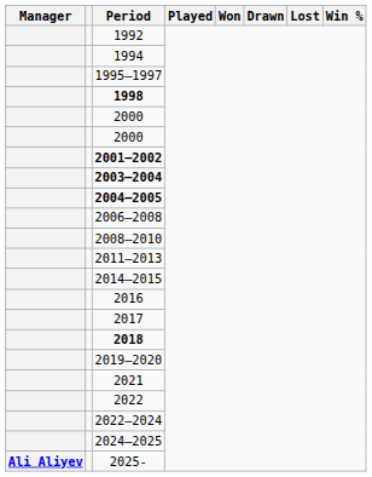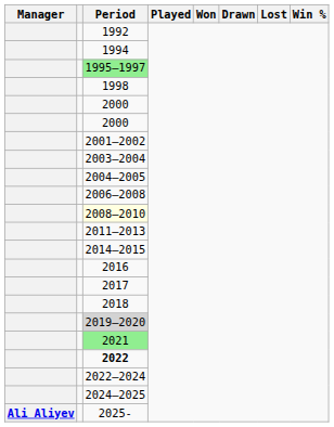 <table class="wikitable sortable plainrowheaders collapsible collapsed" cellpadding="3" style="text-align: center;">
 <tr>
 <th scope="col">Manager</th>
 <th scope="col"></th>
 <th scope="col">Period</th>
 <th scope="col">Played</th>
 <th scope="col">Won</th>
 <th scope="col">Drawn</th>
 <th scope="col">Lost</th>
 <th scope="col">Win %</th>
 </tr>
 <tr>
 <th scope="row"></th>
 <td></td>
 <td>1992<br></td>
 </tr>
 <tr>
 <th scope="row"></th>
 <td></td>
 <td>1994<br></td>
 </tr>
 <tr>
 <th scope="row"></th>
 <td></td>
-<td>1995–1997<br></td>
+<td style="background: lightgreen;">1995–1997<br></td>
 </tr>
 <tr>
 <th scope="row"></th>
 <td></td>
-<td><strong>1998<br></strong></td>
+<td>1998<br></td>
 </tr>
 <tr>
 <th scope="row"></th>
 <td></td>
 <td>2000<br></td>
 </tr>
 <tr>
 <th scope="row"></th>
 <td></td>
 <td>2000<br></td>
 </tr>
 <tr>
 <th scope="row"></th>
 <td></td>
-<td><strong>2001–2002<br></strong></td>
+<td>2001–2002<br></td>
 </tr>
 <tr>
 <th scope="row"></th>
 <td></td>
-<td><strong>2003–2004<br></strong></td>
+<td>2003–2004<br></td>
 </tr>
 <tr>
 <th scope="row"></th>
 <td></td>
-<td><strong>2004–2005<br></strong></td>
+<td>2004–2005<br></td>
 </tr>
 <tr>
 <th scope="row"></th>
 <td></td>
 <td>2006–2008<br></td>
 </tr>
 <tr>
 <th scope="row"></th>
 <td></td>
-<td>2008–2010<br></td>
+<td style="background: lightyellow;">2008–2010<br></td>
 </tr>
 <tr>
 <th scope="row"></th>
 <td></td>
 <td>2011–2013<br></td>
 </tr>
 <tr>
 <th scope="row"></th>
 <td></td>
 <td>2014–2015<br></td>
 </tr>
 <tr>
 <th scope="row"></th>
 <td></td>
 <td>2016<br></td>
 </tr>
 <tr>
 <th scope="row"></th>
 <td></td>
 <td>2017<br></td>
 </tr>
 <tr>
 <th scope="row"></th>
 <td></td>
-<td><strong>2018<br></strong></td>
+<td>2018<br></td>
 </tr>
 <tr>
 <th scope="row"></th>
 <td></td>
-<td>2019–2020<br></td>
+<td style="background: lightgrey;">2019–2020<br></td>
 </tr>
 <tr>
 <th scope="row"></th>
 <td></td>
-<td>2021<br></td>
+<td style="background: lightgreen;">2021<br></td>
 </tr>
 <tr>
 <th scope="row"></th>
 <td></td>
-<td>2022<br></td>
+<td><strong>2022<br></strong></td>
 </tr>
 <tr>
 <th scope="row"></th>
 <td></td>
 <td>2022–2024<br></td>
 </tr>
 <tr>
 <th scope="row"></th>
 <td></td>
 <td>2024–2025<br></td>
 </tr>
 <tr>
 <th scope="row"><a href='#'>Ali Aliyev</a></th>
 <td></td>
 <td>2025-<br></td>
 </tr>
 </table>
